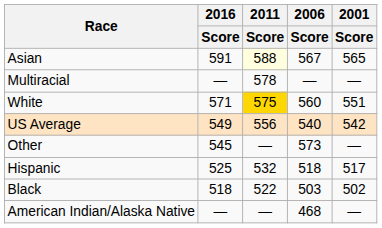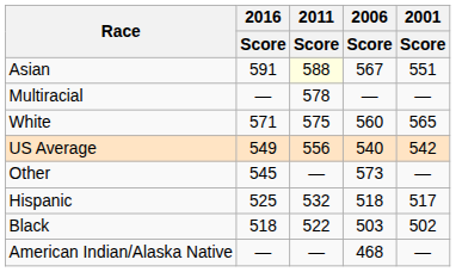 <table class="wikitable sortable" style="text-align:center;">
 <tr>
 <th rowspan="2">Race</th>
 <th>2016</th>
 <th>2011</th>
 <th>2006</th>
 <th>2001</th>
 </tr>
 <tr>
 <th>Score</th>
 <th>Score</th>
 <th>Score</th>
 <th>Score</th>
 </tr>
 <tr>
 <td style="text-align:left;">Asian</td>
 <td>591</td>
 <td style="background: lightyellow;">588</td>
 <td>567</td>
-<td>565</td>
+<td>551</td>
 </tr>
 <tr>
 <td style="text-align:left;">Multiracial</td>
 <td>—</td>
 <td>578</td>
 <td>—</td>
 <td>—</td>
 </tr>
 <tr>
 <td style="text-align:left;">White</td>
 <td>571</td>
-<td style="background: gold;">575</td>
+<td>575</td>
 <td>560</td>
-<td>551</td>
+<td>565</td>
 </tr>
 <tr style="background-color: #FFE4C4;">
 <td style="text-align:left;">US Average</td>
 <td>549</td>
 <td>556</td>
 <td>540</td>
 <td>542</td>
 </tr>
 <tr>
 <td style="text-align:left;">Other</td>
 <td>545</td>
 <td>—</td>
 <td>573</td>
 <td>—</td>
 </tr>
 <tr>
 <td style="text-align:left;">Hispanic</td>
 <td>525</td>
 <td>532</td>
 <td>518</td>
 <td>517</td>
 </tr>
 <tr>
 <td style="text-align:left;">Black</td>
 <td>518</td>
 <td>522</td>
 <td>503</td>
 <td>502</td>
 </tr>
 <tr>
 <td style="text-align:left;">American Indian/Alaska Native</td>
 <td>—</td>
 <td>—</td>
 <td>468</td>
 <td>—</td>
 </tr>
 </table>
